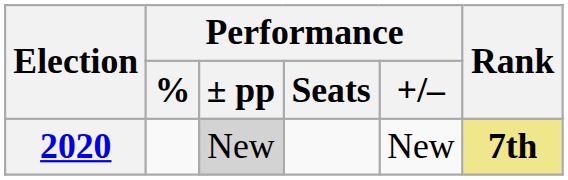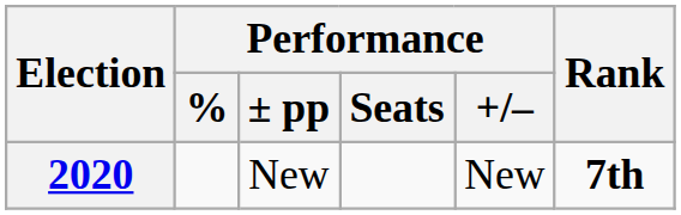 <table class="wikitable" style="text-align:center">
 <tr>
 <th rowspan="2"><strong>Election</strong></th>
 <th colspan="4" scope="col">Performance</th>
 <th rowspan="2">Rank</th>
 </tr>
 <tr>
 <th><strong>%</strong></th>
 <th><strong>± pp</strong></th>
 <th><strong>Seats</strong></th>
 <th><strong>+/–</strong></th>
 </tr>
 <tr>
 <th><a href='#'>2020</a></th>
 <td></td>
-<td style="background: lightgrey;">New</td>
+<td>New</td>
 <td></td>
 <td>New</td>
-<td style="background: khaki;"><strong>7th</strong></td>
+<td><strong>7th</strong></td>
 </tr>
 </table>
